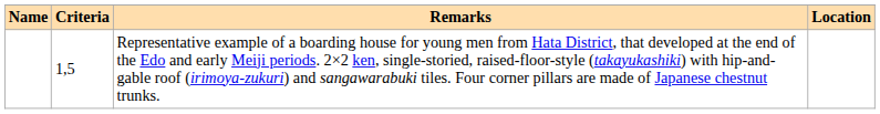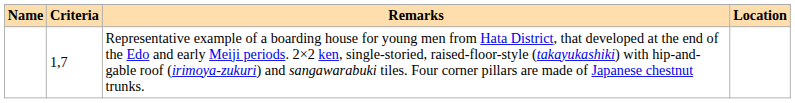 <table class="wikitable sortable" width="100%" style="background:#ffffff;">
 <tr>
 </tr>
 <tr>
 <th scope="col" align="left" style="background:#ffdead;">Name</th>
 <th scope="col" align="left" style="background:#ffdead;">Criteria</th>
 <th scope="col" align="left" style="background:#ffdead;" class="unsortable">Remarks</th>
 <th scope="col" style="background:#ffdead;">Location</th>
 </tr>
 <tr>
 <td></td>
-<td>1,5</td>
+<td>1,7</td>
 <td>Representative example of a boarding house for young men from <a href='#'>Hata District</a>, that developed at the end of the <a href='#'>Edo</a> and early <a href='#'>Meiji periods</a>. 2×2 <a href='#'>ken</a>, single-storied, raised-floor-style (<em><a href='#'>takayukashiki</a></em>) with hip-and-gable roof (<em><a href='#'>irimoya-zukuri</a></em>) and <em>sangawarabuki</em> tiles. Four corner pillars are made of <a href='#'>Japanese chestnut</a> trunks.</td>
 <td></td>
 </tr>
 </table>
